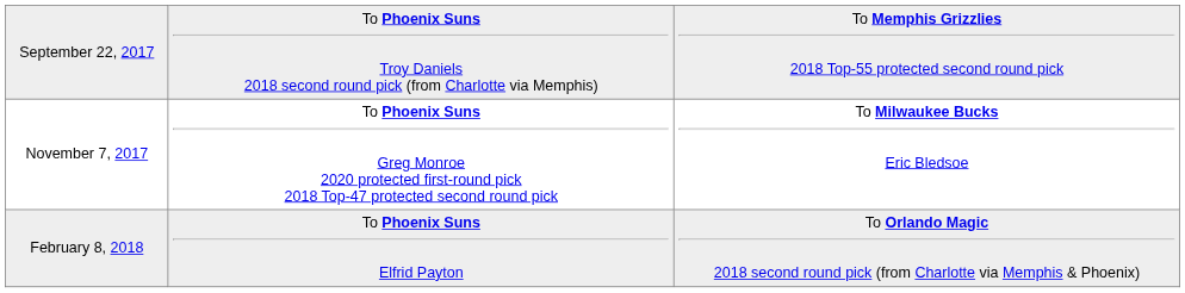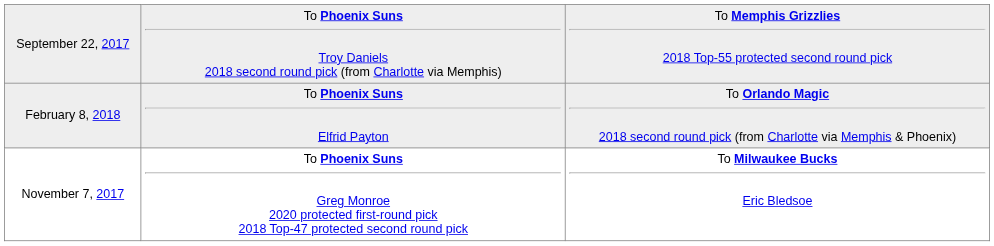 <table border="1" style="border-collapse:collapse; text-align:center; width:100%;"  cellpadding="5">
 <tr style="background:#eee;">
 <td style="width:10%">September 22, <a href='#'>2017</a><br></td>
 <td style="width:31%; vertical-align:top;">To <strong><a href='#'>Phoenix Suns</a></strong><hr><br> <a href='#'>Troy Daniels</a><br> <a href='#'>2018 second round pick</a> (from <a href='#'>Charlotte</a> via Memphis)</td>
 <td style="width:31%; vertical-align:top;">To <strong><a href='#'>Memphis Grizzlies</a></strong><hr><br><a href='#'>2018 Top-55 protected second round pick</a></td>
 </tr>
+<tr style="background:#eee;">
+<td style="width:10%">February 8, <a href='#'>2018</a><br></td>
+<td style="width:31%; vertical-align:top;">To <strong><a href='#'>Phoenix Suns</a></strong><hr><br> <a href='#'>Elfrid Payton</a></td>
+<td style="width:31%; vertical-align:top;">To <strong><a href='#'>Orlando Magic</a></strong><hr><br><a href='#'>2018 second round pick</a> (from <a href='#'>Charlotte</a> via <a href='#'>Memphis</a> & Phoenix)</td>
+</tr>
 <tr>
 <td style="width:10%">November 7, <a href='#'>2017</a><br></td>
 <td style="width:31%; vertical-align:top;">To <strong><a href='#'>Phoenix Suns</a></strong><hr><br> <a href='#'>Greg Monroe</a><br> <a href='#'>2020 protected first-round pick</a><br> <a href='#'>2018 Top-47 protected second round pick</a></td>
 <td style="width:31%; vertical-align:top;">To <strong><a href='#'>Milwaukee Bucks</a></strong><hr><br> <a href='#'>Eric Bledsoe</a></td>
 </tr>
-<tr style="background:#eee;">
-<td style="width:10%">February 8, <a href='#'>2018</a><br></td>
-<td style="width:31%; vertical-align:top;">To <strong><a href='#'>Phoenix Suns</a></strong><hr><br> <a href='#'>Elfrid Payton</a></td>
-<td style="width:31%; vertical-align:top;">To <strong><a href='#'>Orlando Magic</a></strong><hr><br><a href='#'>2018 second round pick</a> (from <a href='#'>Charlotte</a> via <a href='#'>Memphis</a> & Phoenix)</td>
-</tr>
 </table>
